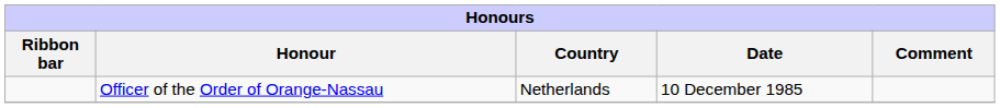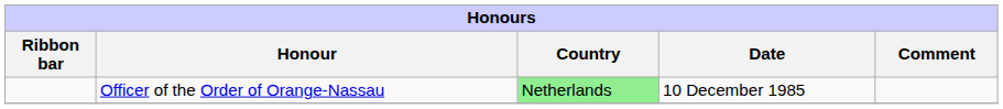 <table class="wikitable" style="width:60%;">
 <tr style="background:#ccf; text-align:center;">
 <td colspan=5><strong>Honours</strong></td>
 </tr>
 <tr>
 <th style="width:80px;">Ribbon bar</th>
 <th>Honour</th>
 <th>Country</th>
 <th>Date</th>
 <th>Comment</th>
 </tr>
 <tr>
 <td></td>
 <td><a href='#'>Officer</a> of the <a href='#'>Order of Orange-Nassau</a></td>
-<td>Netherlands</td>
+<td style="background: lightgreen;">Netherlands</td>
 <td>10 December 1985</td>
 <td></td>
 </tr>
 <tr>
 </tr>
 </table>
